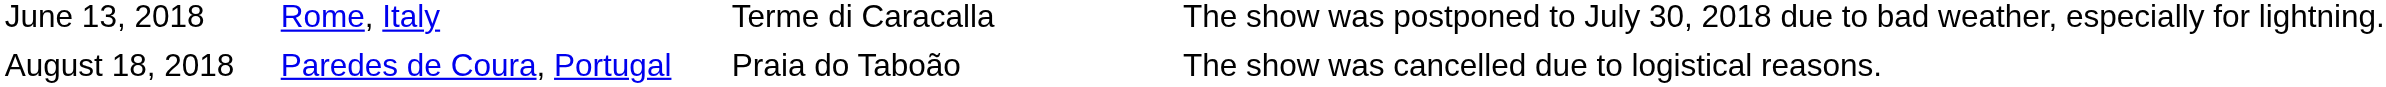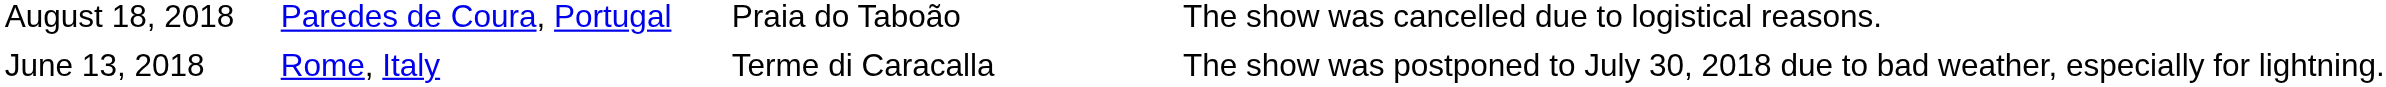 <table cellpadding="2" style="border:0 solid darkgrey; font-size:90%">
 <tr>
 <th style="width:120px;"></th>
 <th style="width:200px;"></th>
 <th style="width:200px;"></th>
 <th style="width:600px;"></th>
 </tr>
 <tr>
+<td>August 18, 2018</td>
+<td><a href='#'>Paredes de Coura</a>, <a href='#'>Portugal</a></td>
+<td>Praia do Taboão</td>
+<td>The show was cancelled due to logistical reasons.</td>
+</tr>
+<tr>
 <td>June 13, 2018</td>
 <td><a href='#'>Rome</a>, <a href='#'>Italy</a></td>
 <td>Terme di Caracalla</td>
 <td>The show was postponed to July 30, 2018 due to bad weather, especially for lightning.</td>
 </tr>
 <tr>
-<td>August 18, 2018</td>
-<td><a href='#'>Paredes de Coura</a>, <a href='#'>Portugal</a></td>
-<td>Praia do Taboão</td>
-<td>The show was cancelled due to logistical reasons.</td>
-</tr>
-<tr>
 </tr>
 </table>
